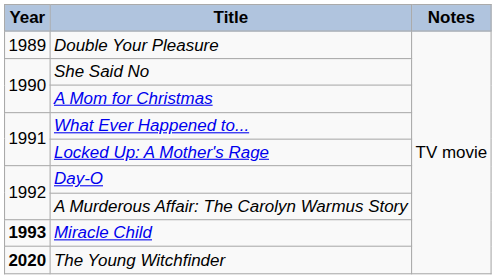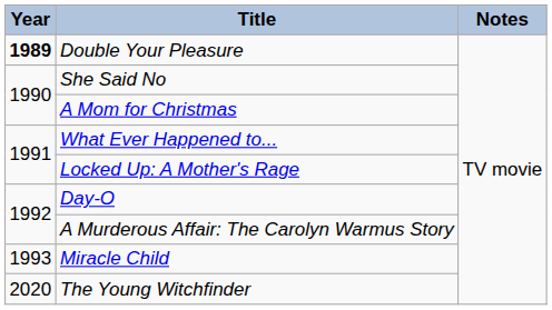 <table class="wikitable">
 <tr align="center">
 <th style="background:#B0C4DE;">Year</th>
 <th style="background:#B0C4DE;">Title</th>
 <th style="background:#B0C4DE;">Notes</th>
 </tr>
 <tr>
-<td>1989</td>
+<td><strong>1989</strong></td>
 <td><em>Double Your Pleasure</em></td>
 <td rowspan="9">TV movie</td>
 </tr>
 <tr>
 <td rowspan=2>1990</td>
 <td><em>She Said No</em></td>
 </tr>
 <tr>
 <td><em><a href='#'>A Mom for Christmas</a></em></td>
 </tr>
 <tr>
 <td rowspan=2>1991</td>
 <td><em><a href='#'>What Ever Happened to...</a></em></td>
 </tr>
 <tr>
 <td><em><a href='#'>Locked Up: A Mother's Rage</a></em></td>
 </tr>
 <tr>
 <td rowspan=2>1992</td>
 <td><em><a href='#'>Day-O</a></em></td>
 </tr>
 <tr>
 <td><em>A Murderous Affair: The Carolyn Warmus Story</em></td>
 </tr>
 <tr>
-<td><strong>1993</strong></td>
+<td>1993</td>
 <td><em><a href='#'>Miracle Child</a></em></td>
 </tr>
 <tr>
-<td><strong>2020</strong></td>
+<td>2020</td>
 <td><em>The Young Witchfinder</em></td>
 </tr>
 </table>
